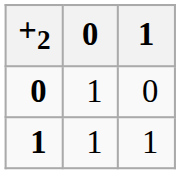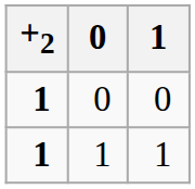 <table class="wikitable" style="margin:1em auto;">
 <tr>
 <th>+<sub>2</sub></th>
 <th> 0 </th>
 <th> 1 </th>
 </tr>
 <tr>
-<td>  <strong>0</strong> </td>
-<td>  1 </td>
+<td>  <strong>1</strong> </td>
+<td>  0 </td>
 <td>  0 </td>
 </tr>
 <tr>
 <td>  <strong>1</strong> </td>
 <td>  1 </td>
 <td>  1 </td>
 </tr>
 </table>
